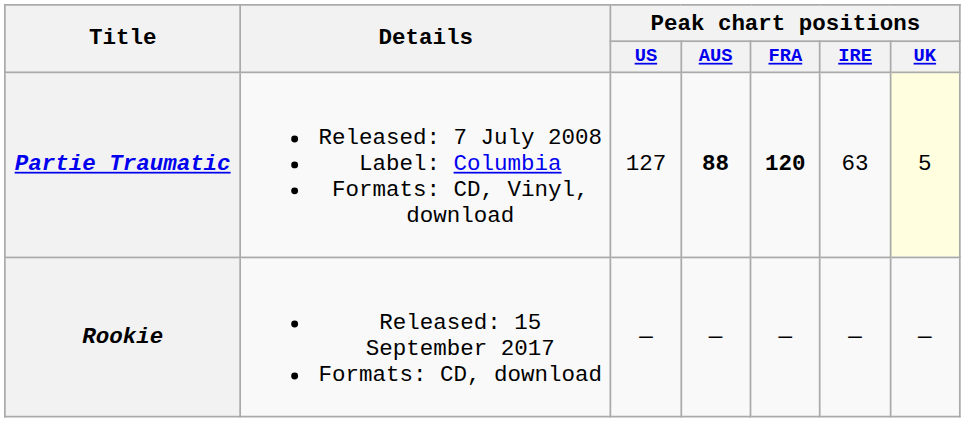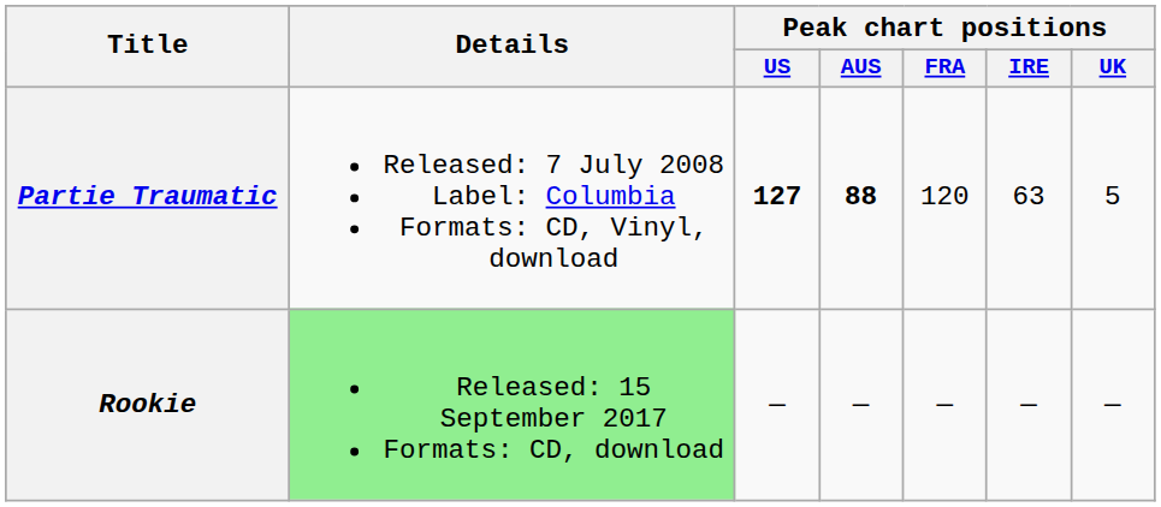 <table class="wikitable plainrowheaders" style="text-align: center;">
 <tr>
 <th rowspan="2" style="width: 10em;" scope="col">Title</th>
 <th rowspan="2" style="width: 16em;" scope="col">Details</th>
 <th colspan="5" scope="col">Peak chart positions</th>
 </tr>
 <tr style="font-size: smaller;">
 <th style="width: 35px;" scope="col"><a href='#'>US</a><br></th>
 <th style="width: 35px;" scope="col"><a href='#'>AUS</a><br></th>
 <th style="width: 35px;" scope="col"><a href='#'>FRA</a><br></th>
 <th style="width: 35px;" scope="col"><a href='#'>IRE</a><br></th>
 <th style="width: 35px;" scope="col"><a href='#'>UK</a><br></th>
 </tr>
 <tr>
 <th scope="row"><em><a href='#'>Partie Traumatic</a></em></th>
 <td><br><ul><li>Released: 7 July 2008</li><li>Label: <a href='#'>Columbia</a></li><li>Formats: CD, Vinyl, download</li></ul></td>
-<td>127</td>
+<td><strong>127</strong></td>
 <td><strong>88</strong></td>
-<td><strong>120</strong></td>
+<td>120</td>
 <td>63</td>
-<td style="background: lightyellow;">5</td>
+<td>5</td>
 </tr>
 <tr>
 <th scope="row"><em>Rookie</em></th>
-<td><br><ul><li>Released: 15 September 2017</li><li>Formats: CD, download</li></ul></td>
+<td style="background: lightgreen;"><br><ul><li>Released: 15 September 2017</li><li>Formats: CD, download</li></ul></td>
 <td>—</td>
 <td>—</td>
 <td>—</td>
 <td>—</td>
 <td>—</td>
 </tr>
 </table>
